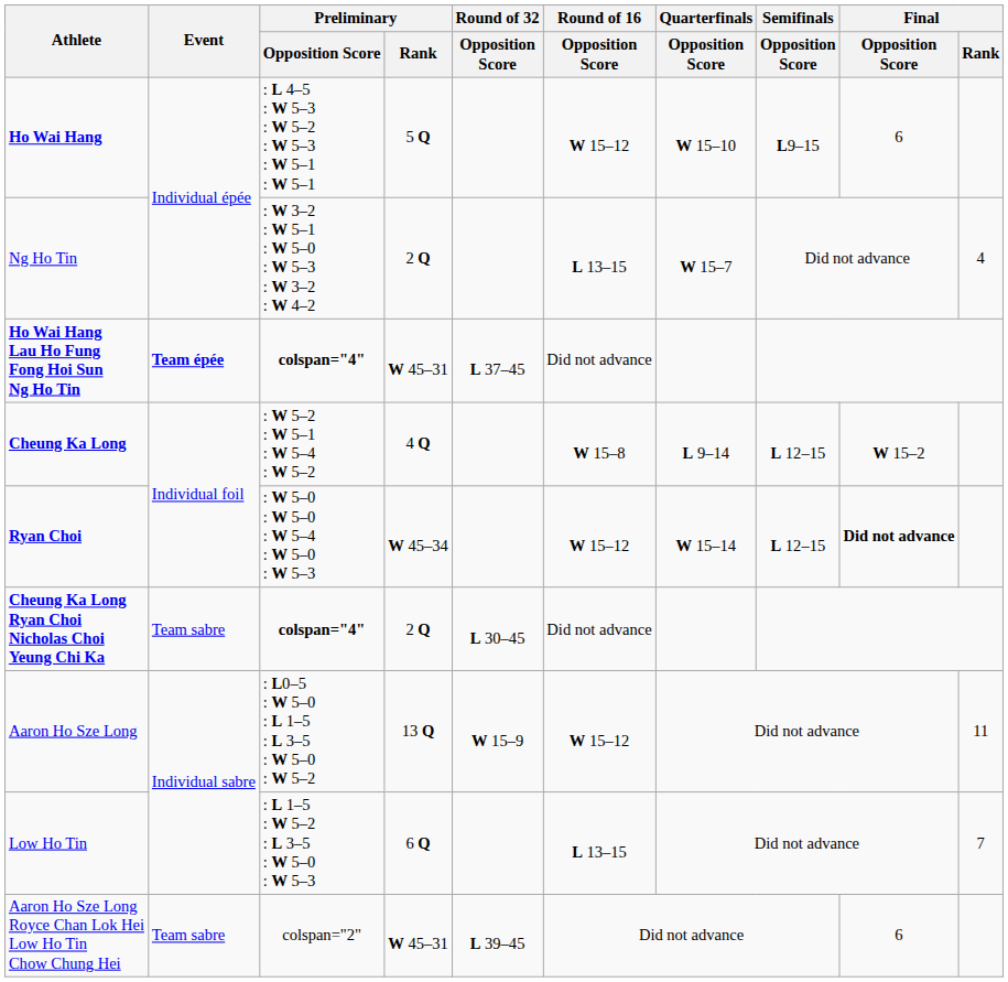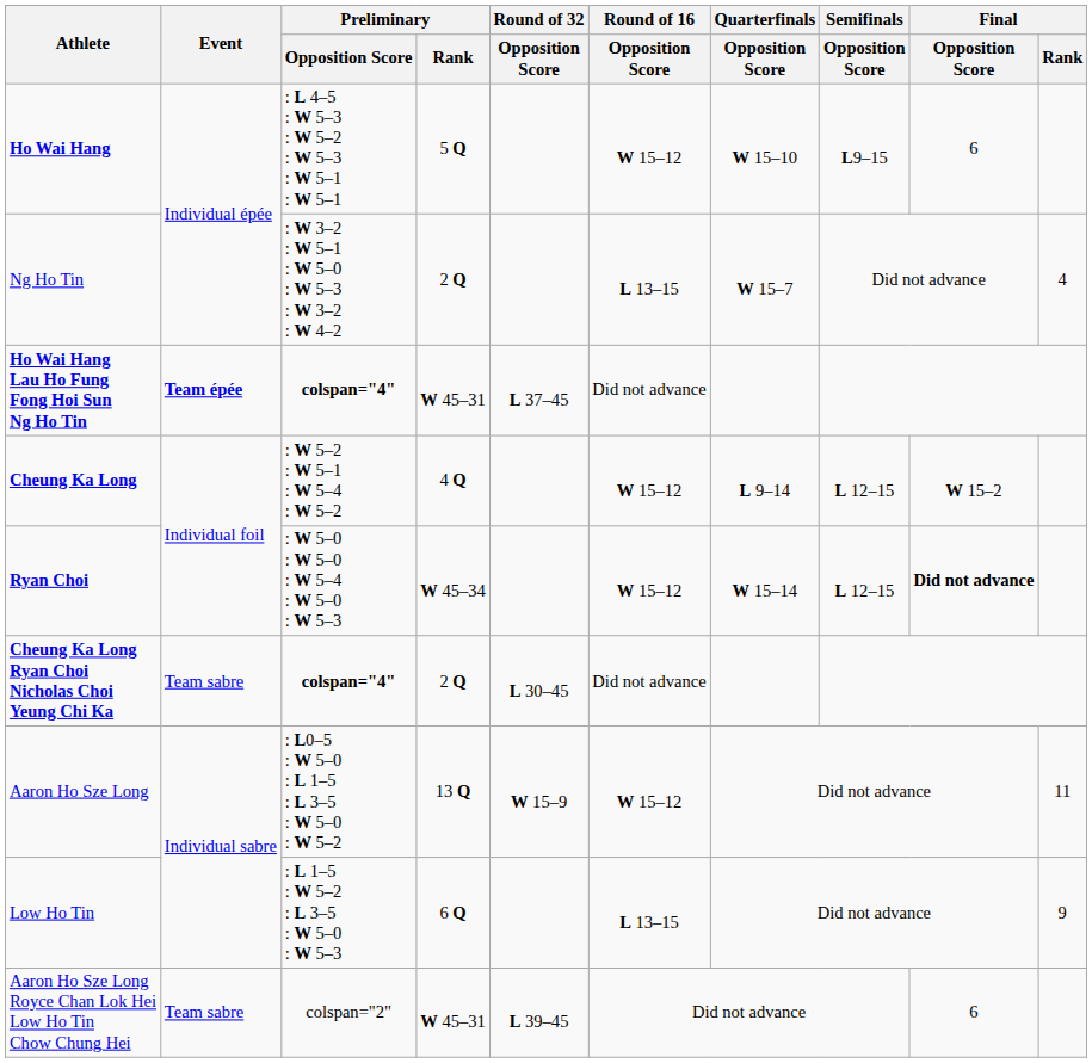 <table class=wikitable style=font-size:90%;text-align:center>
 <tr>
 <th rowspan="2">Athlete</th>
 <th rowspan="2">Event</th>
 <th colspan="2">Preliminary</th>
 <th>Round of 32</th>
 <th>Round of 16</th>
 <th>Quarterfinals</th>
 <th>Semifinals</th>
 <th colspan="2">Final</th>
 </tr>
 <tr>
 <th>Opposition Score</th>
 <th>Rank</th>
 <th>Opposition<br>Score</th>
 <th>Opposition<br>Score</th>
 <th>Opposition<br>Score</th>
 <th>Opposition<br>Score</th>
 <th>Opposition<br>Score</th>
 <th>Rank</th>
 </tr>
 <tr>
 <td align=left><strong><a href='#'>Ho Wai Hang</a></strong></td>
 <td align=left rowspan=2><a href='#'>Individual épée</a></td>
 <td align=left>: <strong>L</strong> 4–5<br>: <strong>W</strong> 5–3<br>: <strong>W</strong> 5–2<br>: <strong>W</strong> 5–3<br>: <strong>W</strong> 5–1<br>: <strong>W</strong> 5–1</td>
 <td>5 <strong>Q</strong></td>
 <td></td>
 <td><br><strong>W</strong> 15–12</td>
 <td><br><strong>W</strong> 15–10</td>
 <td><br><strong>L</strong>9–15</td>
 <td>6</td>
 <td></td>
 </tr>
 <tr>
 <td align=left><a href='#'>Ng Ho Tin</a></td>
 <td align=left>: <strong>W</strong> 3–2<br>: <strong>W</strong> 5–1<br>: <strong>W</strong> 5–0<br>: <strong>W</strong> 5–3<br>: <strong>W</strong> 3–2<br>: <strong>W</strong> 4–2</td>
 <td>2 <strong>Q</strong></td>
 <td></td>
 <td><br><strong>L</strong> 13–15</td>
 <td><br><strong>W</strong> 15–7</td>
 <td colspan="2">Did not advance</td>
 <td>4</td>
 </tr>
 <tr>
 <td align=left><strong><a href='#'>Ho Wai Hang</a><br><a href='#'>Lau Ho Fung</a><br><a href='#'>Fong Hoi Sun</a><br><a href='#'>Ng Ho Tin</a></strong></td>
 <td align=left><strong><a href='#'>Team épée</a></strong></td>
 <td><strong>colspan="4" </strong></td>
 <td><br><strong>W</strong> 45–31</td>
 <td><br><strong>L</strong> 37–45</td>
 <td>Did not advance</td>
 <td></td>
 </tr>
 <tr>
 <td align=left><strong><a href='#'>Cheung Ka Long</a></strong></td>
 <td align=left rowspan=2><a href='#'>Individual foil</a></td>
 <td align=left>: <strong>W</strong> 5–2<br>: <strong>W</strong> 5–1<br>: <strong>W</strong> 5–4<br>: <strong>W</strong> 5–2</td>
 <td>4 <strong>Q</strong></td>
 <td></td>
-<td><br><strong>W</strong> 15–8</td>
+<td><br><strong>W</strong> 15–12</td>
 <td><br><strong>L</strong> 9–14</td>
 <td><br><strong>L</strong> 12–15</td>
 <td><br><strong>W</strong> 15–2</td>
 <td></td>
 </tr>
 <tr>
 <td align=left><strong><a href='#'>Ryan Choi</a></strong></td>
 <td align=left>: <strong>W</strong> 5–0<br>: <strong>W</strong> 5–0<br>: <strong>W</strong> 5–4<br>: <strong>W</strong> 5–0<br>: <strong>W</strong> 5–3</td>
 <td><br><strong>W</strong> 45–34</td>
 <td></td>
 <td><br><strong>W</strong> 15–12</td>
 <td><br><strong>W</strong> 15–14</td>
 <td><br><strong>L</strong> 12–15</td>
 <td><strong>Did not advance</strong></td>
 <td></td>
 </tr>
 <tr>
 <td align=left><strong><a href='#'>Cheung Ka Long</a><br><a href='#'>Ryan Choi</a><br><a href='#'>Nicholas Choi</a><br><a href='#'>Yeung Chi Ka</a></strong></td>
 <td align=left><a href='#'>Team sabre</a></td>
 <td><strong>colspan="4" </strong></td>
 <td>2 <strong>Q</strong></td>
 <td><br><strong>L</strong> 30–45</td>
 <td>Did not advance</td>
 <td></td>
 </tr>
 <tr>
 <td align=left><a href='#'>Aaron Ho Sze Long</a></td>
 <td align=left rowspan=2><a href='#'>Individual sabre</a></td>
 <td align=left>: <strong>L</strong>0–5<br>: <strong>W</strong> 5–0<br>: <strong>L</strong> 1–5<br>: <strong>L</strong> 3–5<br>: <strong>W</strong> 5–0<br>: <strong>W</strong> 5–2</td>
 <td>13 <strong>Q</strong></td>
 <td><br><strong>W</strong> 15–9</td>
 <td><br><strong>W</strong> 15–12</td>
 <td colspan="3">Did not advance</td>
 <td>11</td>
 </tr>
 <tr>
 <td align=left><a href='#'>Low Ho Tin</a></td>
 <td align=left>: <strong>L</strong> 1–5<br>: <strong>W</strong> 5–2<br>: <strong>L</strong> 3–5<br>: <strong>W</strong> 5–0<br>: <strong>W</strong> 5–3</td>
 <td>6 <strong>Q</strong></td>
 <td></td>
 <td><br><strong>L</strong> 13–15</td>
 <td colspan="3">Did not advance</td>
-<td>7</td>
+<td>9</td>
 </tr>
 <tr>
 <td align=left><a href='#'>Aaron Ho Sze Long</a><br><a href='#'>Royce Chan Lok Hei</a><br><a href='#'>Low Ho Tin</a><br><a href='#'>Chow Chung Hei</a></td>
 <td align=left><a href='#'>Team sabre</a></td>
 <td>colspan="2" </td>
 <td><br><strong>W</strong> 45–31</td>
 <td><br><strong>L</strong> 39–45</td>
 <td colspan="3">Did not advance</td>
 <td>6</td>
 </tr>
 </table>
